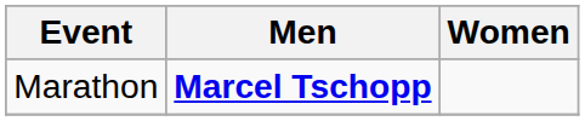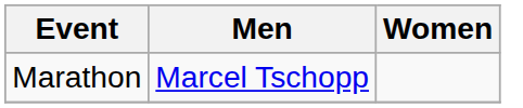 <table class=wikitable style="font-size:100%">
 <tr>
 <th>Event</th>
 <th>Men</th>
 <th>Women</th>
 </tr>
 <tr>
 <td>Marathon</td>
-<td><strong><a href='#'>Marcel Tschopp</a></strong></td>
+<td><a href='#'>Marcel Tschopp</a></td>
 <td></td>
 </tr>
 <tr>
 </tr>
 </table>
